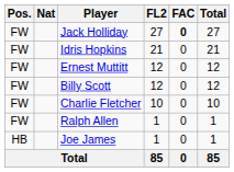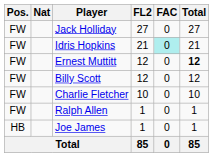 <table class="wikitable"  style="text-align:center; border:1px #aaa solid;">
 <tr>
 <th>Pos.</th>
 <th>Nat</th>
 <th>Player</th>
 <th>FL2</th>
 <th>FAC</th>
 <th>Total</th>
 </tr>
 <tr>
 <td>FW</td>
 <td></td>
 <td style="text-align:left;"><a href='#'>Jack Holliday</a></td>
 <td>27</td>
-<td><strong>0</strong></td>
+<td>0</td>
 <td>27</td>
 </tr>
 <tr>
 <td>FW</td>
 <td></td>
 <td style="text-align:left;"><a href='#'>Idris Hopkins</a></td>
 <td>21</td>
-<td>0</td>
+<td style="background: paleturquoise;">0</td>
 <td>21</td>
 </tr>
 <tr>
 <td>FW</td>
 <td></td>
 <td style="text-align:left;"><a href='#'>Ernest Muttitt</a></td>
 <td>12</td>
 <td>0</td>
-<td>12</td>
+<td><strong>12</strong></td>
 </tr>
 <tr>
 <td>FW</td>
 <td></td>
 <td style="text-align:left;"><a href='#'>Billy Scott</a></td>
 <td>12</td>
 <td>0</td>
 <td>12</td>
 </tr>
 <tr>
 <td>FW</td>
 <td></td>
 <td style="text-align:left;"><a href='#'>Charlie Fletcher</a></td>
 <td>10</td>
 <td>0</td>
 <td>10</td>
 </tr>
 <tr>
 <td>FW</td>
 <td></td>
 <td style="text-align:left;"><a href='#'>Ralph Allen</a></td>
 <td>1</td>
 <td>0</td>
 <td>1</td>
 </tr>
 <tr>
 <td>HB</td>
 <td></td>
 <td style="text-align:left;"><a href='#'>Joe James</a></td>
 <td>1</td>
 <td>0</td>
 <td>1</td>
 </tr>
 <tr>
 <th colspan="3">Total</th>
 <th>85</th>
 <th>0</th>
 <th>85</th>
 </tr>
 </table>
